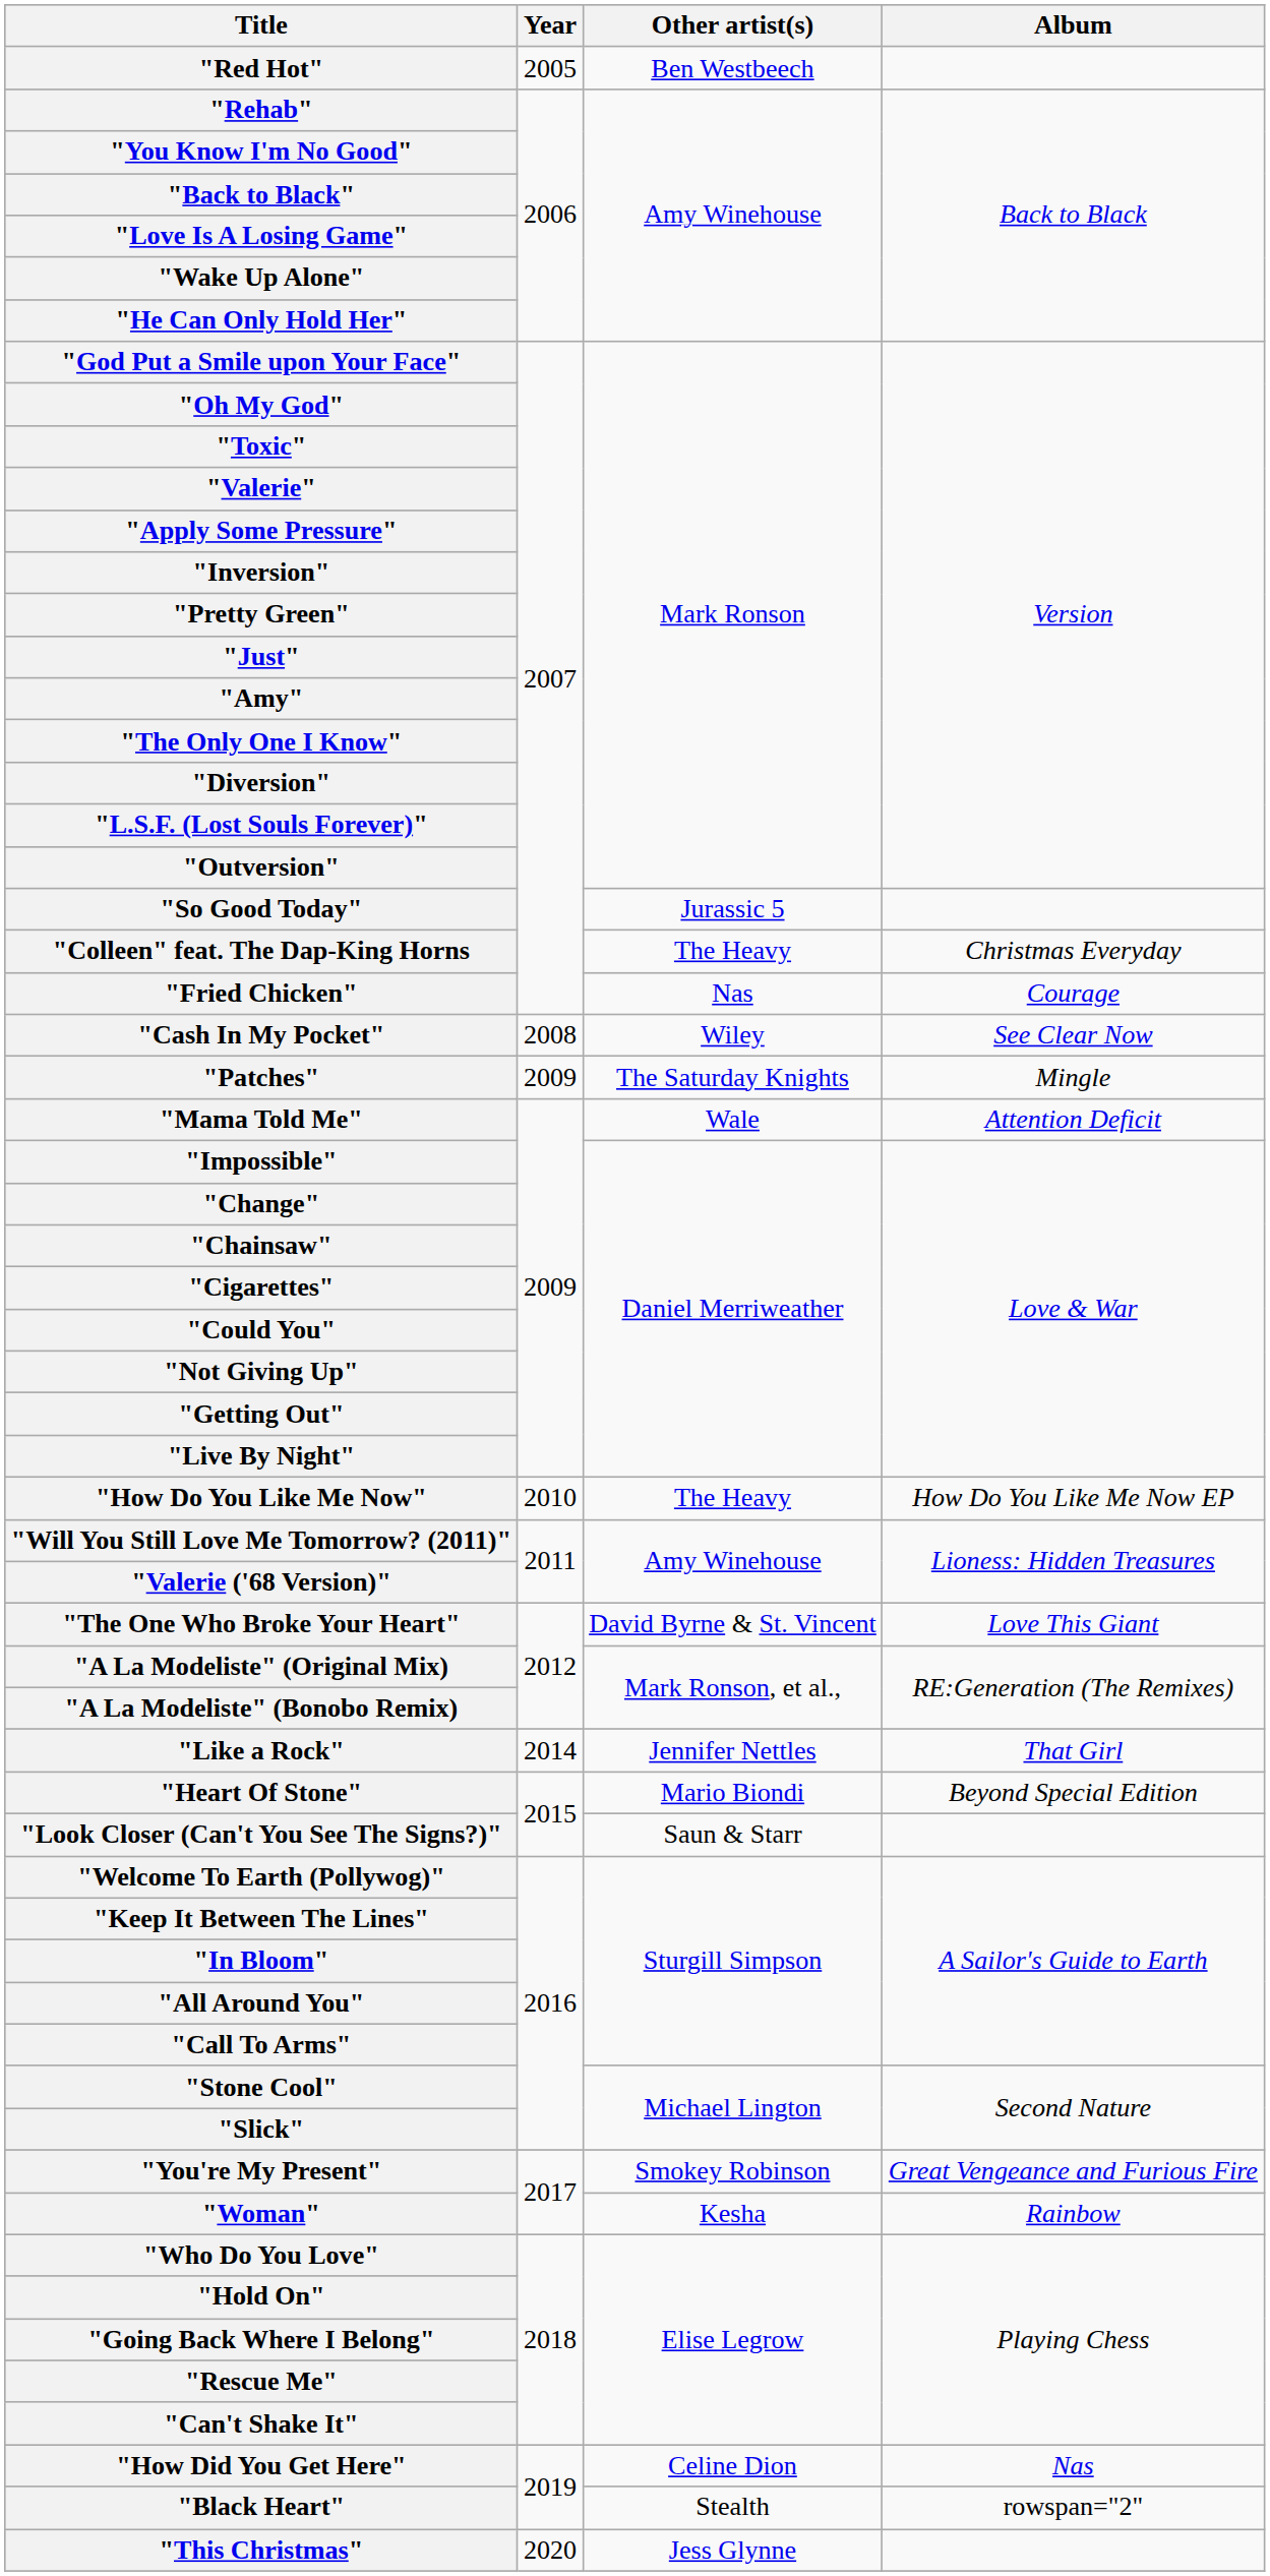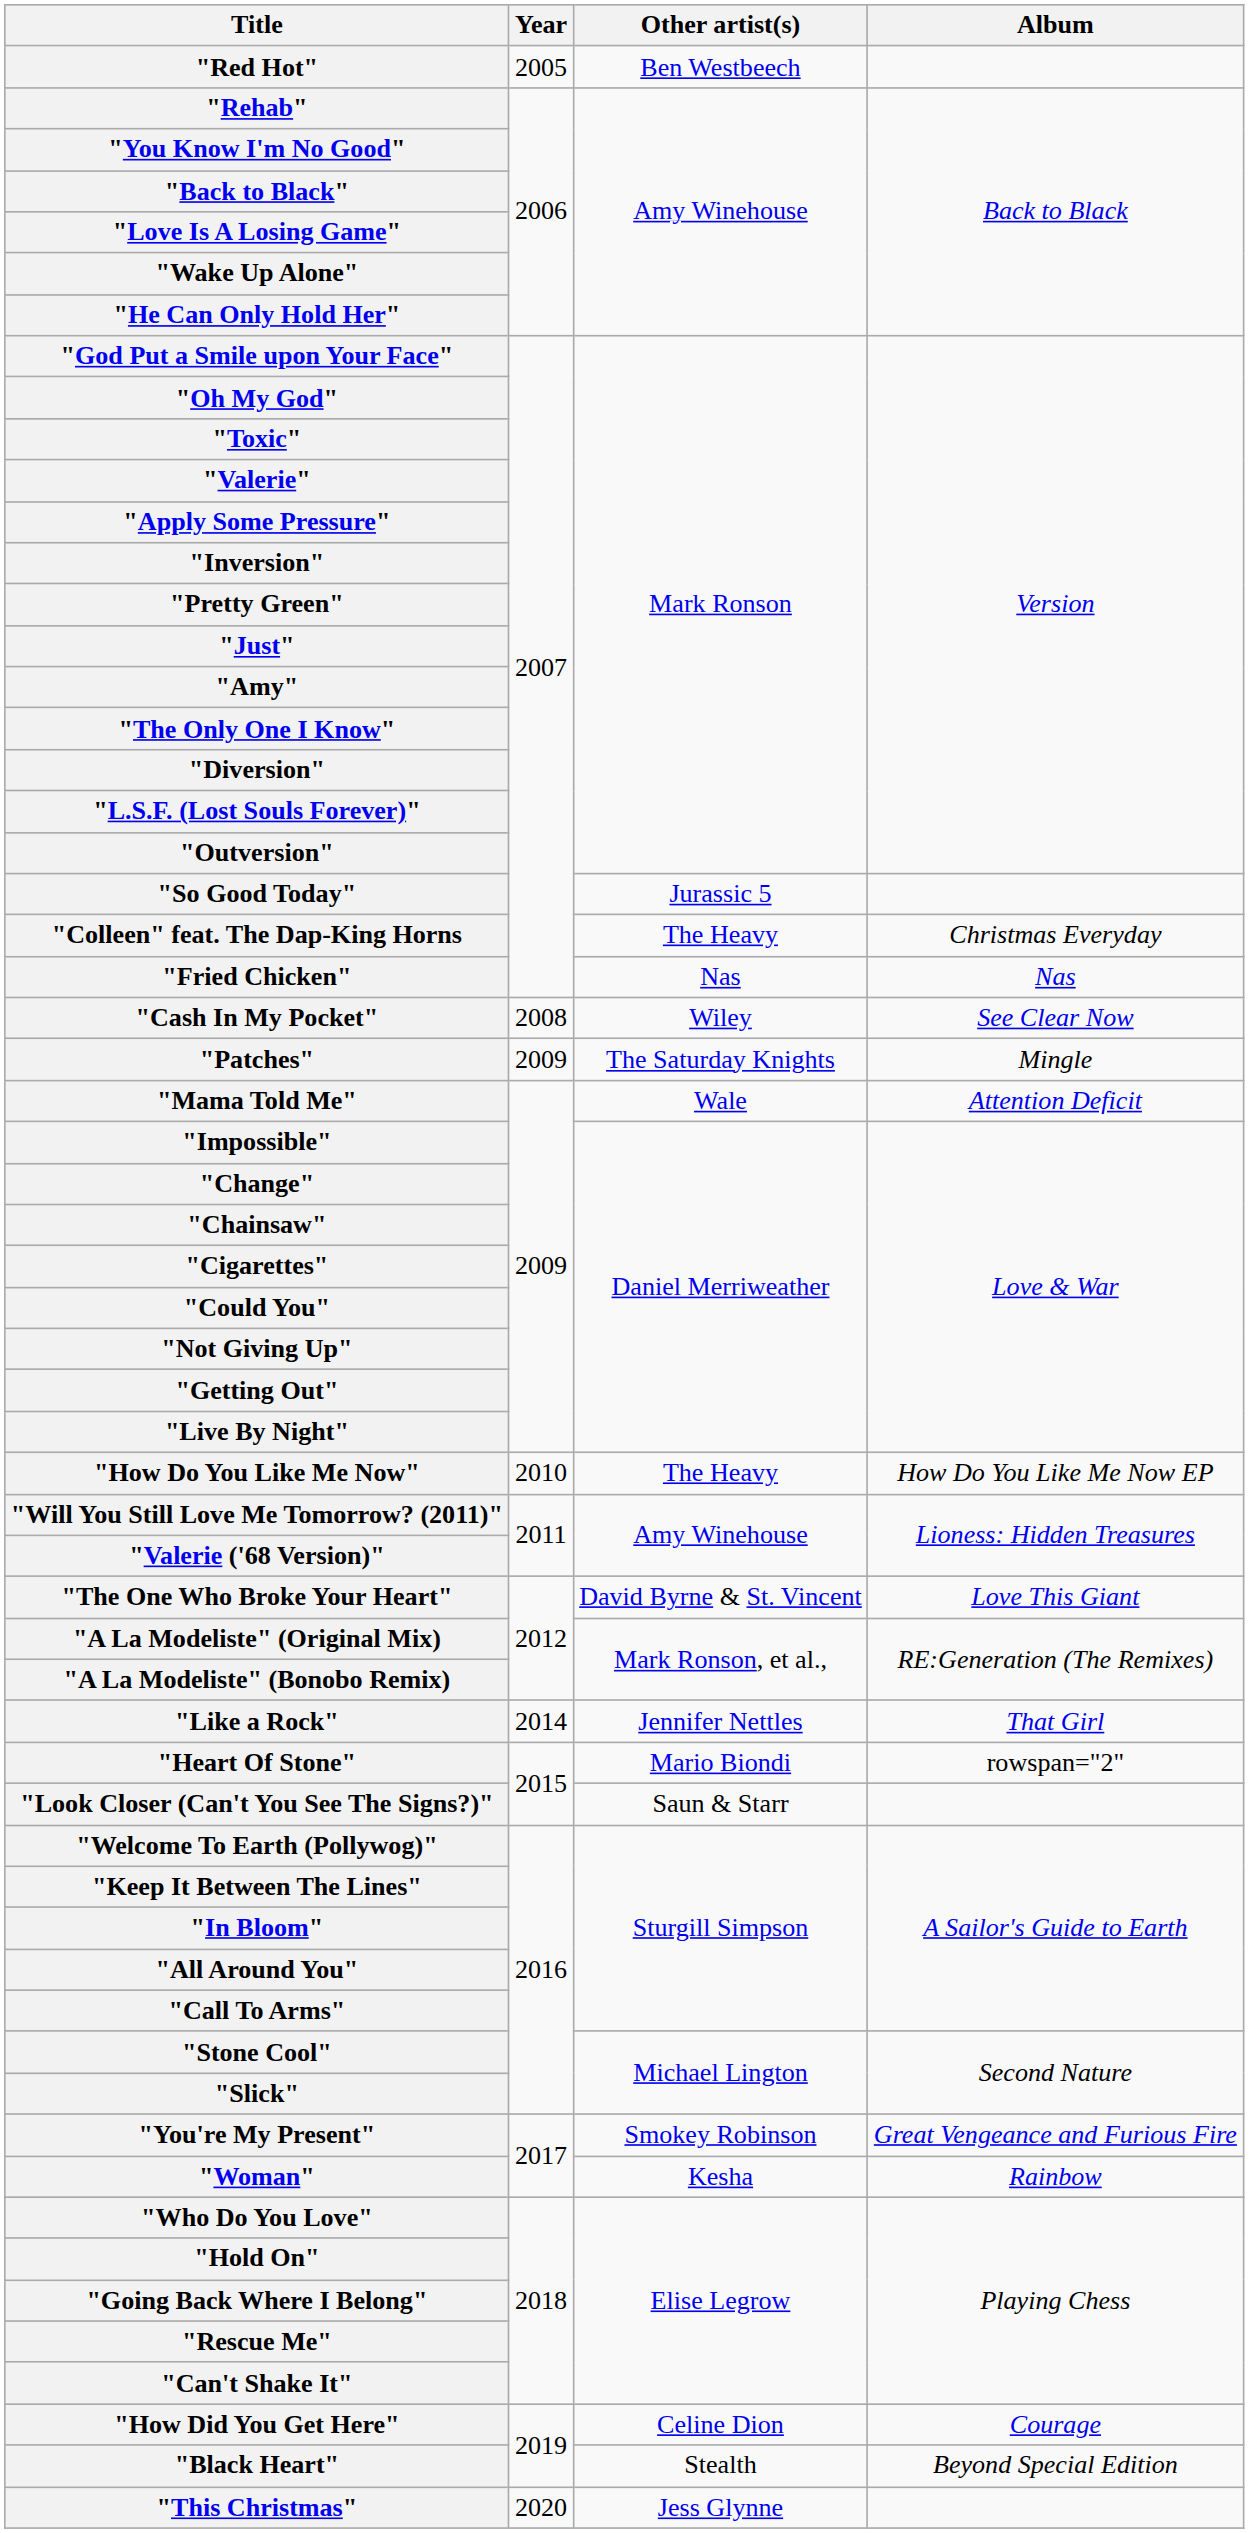 <table class="wikitable plainrowheaders" style="text-align:center;">
 <tr>
 <th scope="col">Title</th>
 <th scope="col">Year</th>
 <th scope="col">Other artist(s)</th>
 <th scope="col">Album</th>
 </tr>
 <tr>
 <th scope="row">"Red Hot"</th>
 <td>2005</td>
 <td><a href='#'>Ben Westbeech</a></td>
 <td></td>
 </tr>
 <tr>
 <th scope="row">"<a href='#'>Rehab</a>"</th>
 <td rowspan="6">2006</td>
 <td rowspan="6"><a href='#'>Amy Winehouse</a></td>
 <td rowspan="6"><em><a href='#'>Back to Black</a></em></td>
 </tr>
 <tr>
 <th scope="row">"<a href='#'>You Know I'm No Good</a>"</th>
 </tr>
 <tr>
 <th scope="row">"<a href='#'>Back to Black</a>"</th>
 </tr>
 <tr>
 <th scope="row">"<a href='#'>Love Is A Losing Game</a>"</th>
 </tr>
 <tr>
 <th scope="row">"Wake Up Alone"</th>
 </tr>
 <tr>
 <th scope="row">"<a href='#'>He Can Only Hold Her</a>"</th>
 </tr>
 <tr>
 <th scope="row">"<a href='#'>God Put a Smile upon Your Face</a>" <br></th>
 <td rowspan="16">2007</td>
 <td rowspan="13"><a href='#'>Mark Ronson</a></td>
 <td rowspan="13"><em><a href='#'>Version</a></em></td>
 </tr>
 <tr>
 <th scope="row">"<a href='#'>Oh My God</a>" <br></th>
 </tr>
 <tr>
 <th scope="row">"<a href='#'>Toxic</a>" <br></th>
 </tr>
 <tr>
 <th scope="row">"<a href='#'>Valerie</a>" <br></th>
 </tr>
 <tr>
 <th scope="row">"<a href='#'>Apply Some Pressure</a>" <br></th>
 </tr>
 <tr>
 <th scope="row">"Inversion"</th>
 </tr>
 <tr>
 <th scope="row">"Pretty Green" <br></th>
 </tr>
 <tr>
 <th scope="row">"<a href='#'>Just</a>" <br></th>
 </tr>
 <tr>
 <th scope="row">"Amy" <br></th>
 </tr>
 <tr>
 <th scope="row">"<a href='#'>The Only One I Know</a>" <br></th>
 </tr>
 <tr>
 <th scope="row">"Diversion"</th>
 </tr>
 <tr>
 <th scope="row">"<a href='#'>L.S.F. (Lost Souls Forever)</a>" <br></th>
 </tr>
 <tr>
 <th scope="row">"Outversion"</th>
 </tr>
 <tr>
 <th scope="row">"So Good Today"</th>
 <td><a href='#'>Jurassic 5</a></td>
 <td></td>
 </tr>
 <tr>
 <th scope="row">"Colleen" feat. The Dap-King Horns</th>
 <td><a href='#'>The Heavy</a></td>
 <td><em>Christmas Everyday</em></td>
 </tr>
 <tr>
 <th scope="row">"Fried Chicken"</th>
 <td><a href='#'>Nas</a></td>
-<td><em><a href='#'>Courage</a></em></td>
+<td><em><a href='#'>Nas</a></em></td>
 </tr>
 <tr>
 <th scope="row">"Cash In My Pocket"</th>
 <td>2008</td>
 <td><a href='#'>Wiley</a></td>
 <td><em><a href='#'>See Clear Now</a></em></td>
 </tr>
 <tr>
 <th scope="row">"Patches"</th>
 <td>2009</td>
 <td><a href='#'>The Saturday Knights</a></td>
 <td><em>Mingle</em></td>
 </tr>
 <tr>
 <th scope="row">"Mama Told Me"</th>
 <td rowspan="9">2009</td>
 <td><a href='#'>Wale</a></td>
 <td><em><a href='#'>Attention Deficit</a></em></td>
 </tr>
 <tr>
 <th scope="row">"Impossible"</th>
 <td rowspan="8"><a href='#'>Daniel Merriweather</a></td>
 <td rowspan="8"><em><a href='#'>Love & War</a></em></td>
 </tr>
 <tr>
 <th scope="row">"Change"</th>
 </tr>
 <tr>
 <th scope="row">"Chainsaw"</th>
 </tr>
 <tr>
 <th scope="row">"Cigarettes"</th>
 </tr>
 <tr>
 <th scope="row">"Could You"</th>
 </tr>
 <tr>
 <th scope="row">"Not Giving Up"</th>
 </tr>
 <tr>
 <th scope="row">"Getting Out"</th>
 </tr>
 <tr>
 <th scope="row">"Live By Night"</th>
 </tr>
 <tr>
 <th scope="row">"How Do You Like Me Now" <br></th>
 <td>2010</td>
 <td><a href='#'>The Heavy</a></td>
 <td><em>How Do You Like Me Now EP</em></td>
 </tr>
 <tr>
 <th scope="row">"Will You Still Love Me Tomorrow? (2011)"</th>
 <td rowspan="2">2011</td>
 <td rowspan="2"><a href='#'>Amy Winehouse</a></td>
 <td rowspan="2"><em><a href='#'>Lioness: Hidden Treasures</a></em></td>
 </tr>
 <tr>
 <th scope="row">"<a href='#'>Valerie</a> ('68 Version)"</th>
 </tr>
 <tr>
 <th scope="row">"The One Who Broke Your Heart"</th>
 <td rowspan="3">2012</td>
 <td><a href='#'>David Byrne</a> & <a href='#'>St. Vincent</a></td>
 <td><em><a href='#'>Love This Giant</a></em></td>
 </tr>
 <tr>
 <th scope="row">"A La Modeliste" (Original Mix)</th>
 <td rowspan="2"><a href='#'>Mark Ronson</a>, et al.,</td>
 <td rowspan="2"><em>RE:Generation (The Remixes)</em></td>
 </tr>
 <tr>
 <th scope="row">"A La Modeliste" (Bonobo Remix)</th>
 </tr>
 <tr>
 <th scope="row">"Like a Rock"</th>
 <td>2014</td>
 <td><a href='#'>Jennifer Nettles</a></td>
 <td><em><a href='#'>That Girl</a></em></td>
 </tr>
 <tr>
 <th scope="row">"Heart Of Stone"</th>
 <td rowspan="2">2015</td>
 <td><a href='#'>Mario Biondi</a></td>
-<td><em>Beyond Special Edition</em></td>
+<td>rowspan="2"</td>
 </tr>
 <tr>
 <th scope="row">"Look Closer (Can't You See The Signs?)"</th>
 <td>Saun & Starr</td>
 <td></td>
 </tr>
 <tr>
 <th scope="row">"Welcome To Earth (Pollywog)"</th>
 <td rowspan="7">2016</td>
 <td rowspan="5"><a href='#'>Sturgill Simpson</a></td>
 <td rowspan="5"><em><a href='#'>A Sailor's Guide to Earth</a></em></td>
 </tr>
 <tr>
 <th scope="row">"Keep It Between The Lines"</th>
 </tr>
 <tr>
 <th scope="row">"<a href='#'>In Bloom</a>"</th>
 </tr>
 <tr>
 <th scope="row">"All Around You"</th>
 </tr>
 <tr>
 <th scope="row">"Call To Arms"</th>
 </tr>
 <tr>
 <th scope="row">"Stone Cool"</th>
 <td rowspan="2"><a href='#'>Michael Lington</a></td>
 <td rowspan="2"><em>Second Nature</em></td>
 </tr>
 <tr>
 <th scope="row">"Slick"</th>
 </tr>
 <tr>
 <th scope="row">"You're My Present" <br></th>
 <td rowspan="2">2017</td>
 <td><a href='#'>Smokey Robinson</a></td>
 <td><em><a href='#'>Great Vengeance and Furious Fire</a></em></td>
 </tr>
 <tr>
 <th scope="row">"<a href='#'>Woman</a>" <br></th>
 <td><a href='#'>Kesha</a></td>
 <td><em><a href='#'>Rainbow</a></em></td>
 </tr>
 <tr>
 <th scope="row">"Who Do You Love"</th>
 <td rowspan="5">2018</td>
 <td rowspan="5"><a href='#'>Elise Legrow</a></td>
 <td rowspan="5"><em>Playing Chess</em></td>
 </tr>
 <tr>
 <th scope="row">"Hold On"</th>
 </tr>
 <tr>
 <th scope="row">"Going Back Where I Belong"</th>
 </tr>
 <tr>
 <th scope="row">"Rescue Me"</th>
 </tr>
 <tr>
 <th scope="row">"Can't Shake It"</th>
 </tr>
 <tr>
 <th scope="row">"How Did You Get Here"</th>
 <td rowspan="2">2019</td>
 <td><a href='#'>Celine Dion</a></td>
-<td><em><a href='#'>Nas</a></em></td>
+<td><em><a href='#'>Courage</a></em></td>
 </tr>
 <tr>
 <th scope="row">"Black Heart"</th>
 <td>Stealth</td>
-<td>rowspan="2"</td>
+<td><em>Beyond Special Edition</em></td>
 </tr>
 <tr>
 <th scope="row">"<a href='#'>This Christmas</a>"</th>
 <td>2020</td>
 <td><a href='#'>Jess Glynne</a></td>
 </tr>
 </table>
